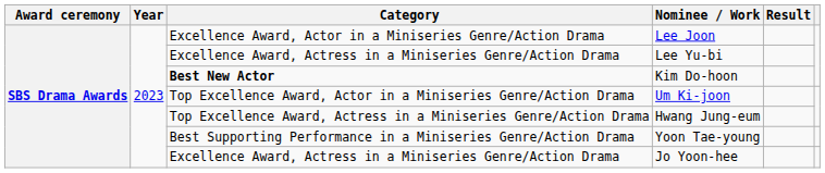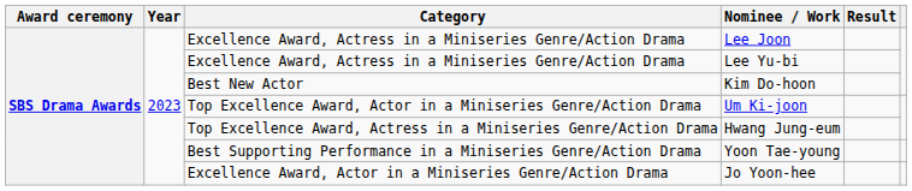 <table class="wikitable plainrowheaders sortable">
 <tr>
 <th scope="col">Award ceremony</th>
 <th scope="col">Year</th>
 <th scope="col">Category</th>
 <th scope="col">Nominee / Work</th>
 <th scope="col">Result</th>
 <th scope="col" class="unsortable"></th>
 </tr>
 <tr>
 <th scope="row"  rowspan="7"><a href='#'>SBS Drama Awards</a></th>
 <td rowspan="7" style="text-align:center"><a href='#'>2023</a></td>
-<td>Excellence Award, Actor in a Miniseries Genre/Action Drama</td>
+<td>Excellence Award, Actress in a Miniseries Genre/Action Drama</td>
 <td><a href='#'>Lee Joon</a></td>
 <td></td>
 <td rowspan="3" style="text-align:center"></td>
 </tr>
 <tr>
 <td>Excellence Award, Actress in a Miniseries Genre/Action Drama</td>
 <td>Lee Yu-bi</td>
 <td></td>
 </tr>
 <tr>
-<td><strong>Best New Actor</strong></td>
+<td>Best New Actor</td>
 <td>Kim Do-hoon</td>
 <td></td>
 </tr>
 <tr>
 <td>Top Excellence Award, Actor in a Miniseries Genre/Action Drama</td>
 <td><a href='#'>Um Ki-joon</a></td>
 <td></td>
 <td rowspan="2" style="text-align:center"></td>
 </tr>
 <tr>
 <td>Top Excellence Award, Actress in a Miniseries Genre/Action Drama</td>
 <td>Hwang Jung-eum</td>
 <td></td>
 </tr>
 <tr>
 <td>Best Supporting Performance in a Miniseries Genre/Action Drama</td>
 <td>Yoon Tae-young</td>
 <td></td>
 <td style="text-align:center"></td>
 </tr>
 <tr>
-<td>Excellence Award, Actress in a Miniseries Genre/Action Drama</td>
+<td>Excellence Award, Actor in a Miniseries Genre/Action Drama</td>
 <td>Jo Yoon-hee</td>
 <td></td>
 <td style="text-align:center"></td>
 </tr>
 </table>
